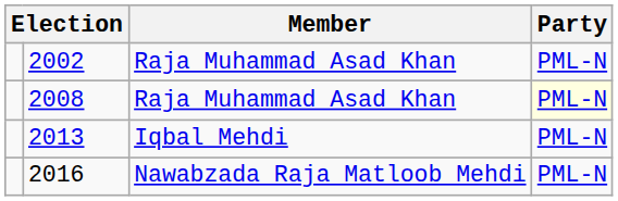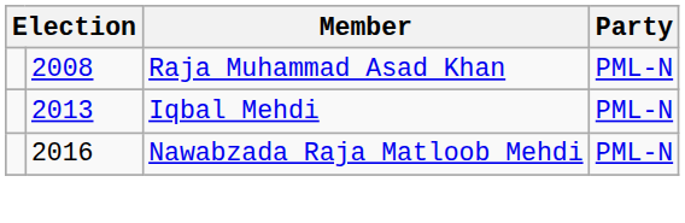 <table class="wikitable">
 <tr>
 <th colspan="2">Election</th>
 <th>Member</th>
 <th>Party</th>
 </tr>
 <tr>
 <td style="background-color: "></td>
-<td><a href='#'>2002</a></td>
+<td><a href='#'>2008</a></td>
 <td><a href='#'>Raja Muhammad Asad Khan</a></td>
 <td><a href='#'>PML-N</a></td>
-</tr>
-<tr>
-<td style="background-color: "></td>
-<td><a href='#'>2008</a></td>
-<td><a href='#'>Raja Muhammad Asad Khan</a></td>
-<td style="background: lightyellow;"><a href='#'>PML-N</a></td>
 </tr>
 <tr>
 <td style="background-color: "></td>
 <td><a href='#'>2013</a></td>
 <td><a href='#'>Iqbal Mehdi</a></td>
 <td><a href='#'>PML-N</a></td>
 </tr>
 <tr>
 <td style="background-color: "></td>
 <td>2016</td>
 <td><a href='#'>Nawabzada Raja Matloob Mehdi</a></td>
 <td><a href='#'>PML-N</a></td>
 </tr>
 </table>
